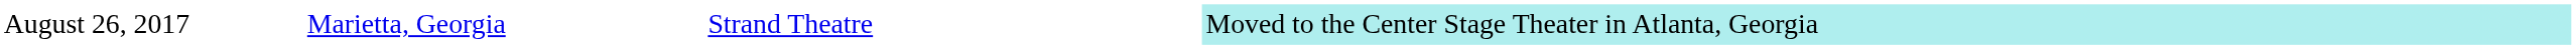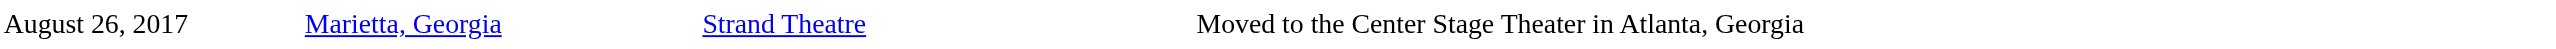 <table cellpadding="2" style="border:0 solid darkgrey; font-size:90%">
 <tr>
 <th style="width:150px;"></th>
 <th style="width:200px;"></th>
 <th style="width:250px;"></th>
 <th style="width:700px;"></th>
 </tr>
 <tr border="0">
 </tr>
 <tr>
 <td>August 26, 2017</td>
 <td><a href='#'>Marietta, Georgia</a></td>
 <td><a href='#'>Strand Theatre</a></td>
-<td style="background: paleturquoise;">Moved to the Center Stage Theater in Atlanta, Georgia</td>
+<td>Moved to the Center Stage Theater in Atlanta, Georgia</td>
 </tr>
 <tr>
 </tr>
 </table>
